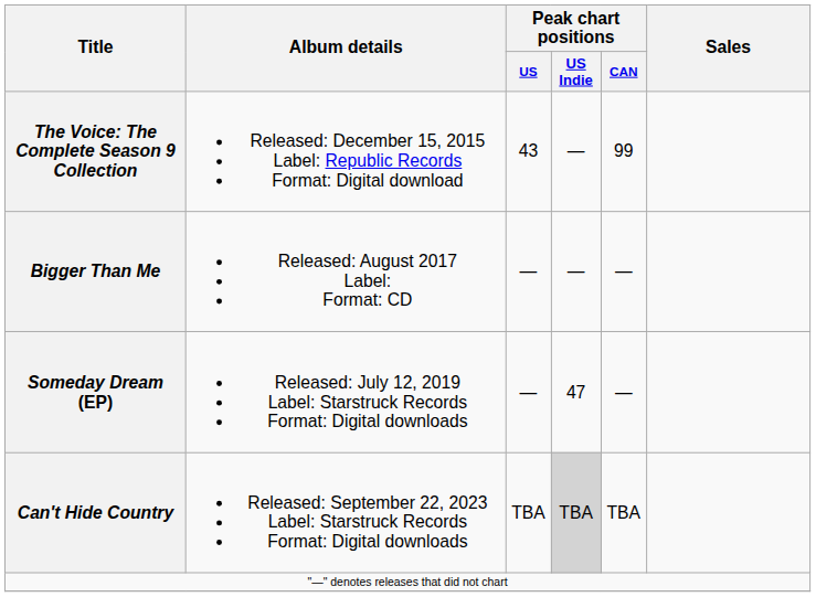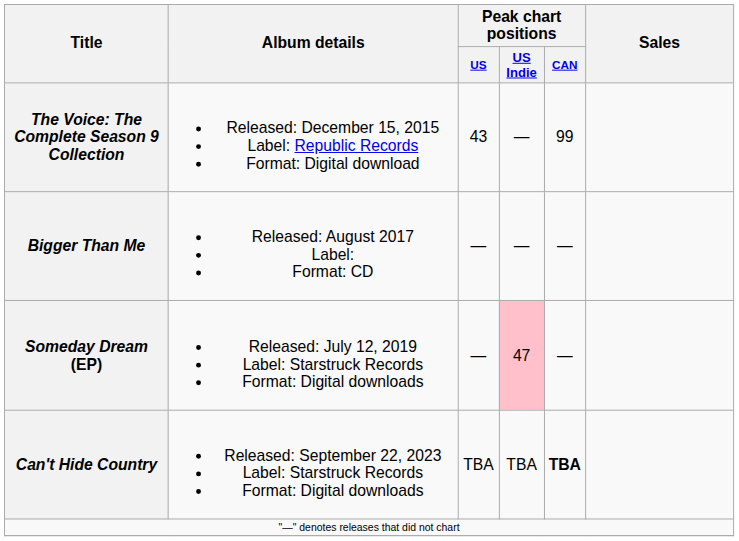 <table class="wikitable plainrowheaders" style="text-align:center;">
 <tr>
 <th scope="col" rowspan="2" style="width:10em;">Title</th>
 <th scope="col" rowspan="2" style="width:18em;">Album details</th>
 <th scope="col" colspan="3">Peak chart positions</th>
 <th scope="col" rowspan="2" style="width:9em;">Sales</th>
 </tr>
 <tr style="font-size:smaller;">
 <th scope="col" style="width:3em; font-size:90%;"><a href='#'>US</a><br></th>
 <th style="width:3em;"><a href='#'>US<br> Indie</a><br></th>
 <th scope="col" style="width:3em; font-size:90%;"><a href='#'>CAN</a><br></th>
 </tr>
 <tr>
 <th scope="row"><em>The Voice: The Complete Season 9 Collection</em></th>
 <td><br><ul><li>Released: December 15, 2015</li><li>Label: <a href='#'>Republic Records</a></li><li>Format: Digital download</li></ul></td>
 <td>43</td>
 <td>—</td>
 <td>99</td>
 <td></td>
 </tr>
 <tr>
 <th scope="row"><em>Bigger Than Me</em></th>
 <td><br><ul><li>Released: August 2017</li><li>Label:</li><li>Format: CD</li></ul></td>
 <td>—</td>
 <td>—</td>
 <td>—</td>
 <td></td>
 </tr>
 <tr>
 <th scope="row"><em>Someday Dream</em> (EP)</th>
 <td><br><ul><li>Released: July 12, 2019</li><li>Label: Starstruck Records</li><li>Format: Digital downloads</li></ul></td>
 <td>—</td>
-<td>47</td>
+<td style="background: pink;">47</td>
 <td>—</td>
 <td></td>
 </tr>
 <tr>
 <th scope="row"><em>Can't Hide Country</em></th>
 <td><br><ul><li>Released: September 22, 2023</li><li>Label: Starstruck Records</li><li>Format: Digital downloads</li></ul></td>
 <td>TBA</td>
-<td style="background: lightgrey;">TBA</td>
 <td>TBA</td>
+<td><strong>TBA</strong></td>
 <td></td>
 </tr>
 <tr>
 <td colspan="10" style="font-size:8pt">"—" denotes releases that did not chart</td>
 </tr>
 <tr>
 </tr>
 </table>
